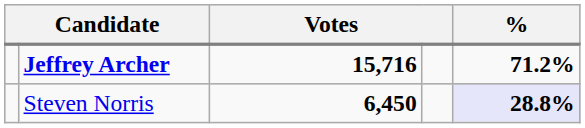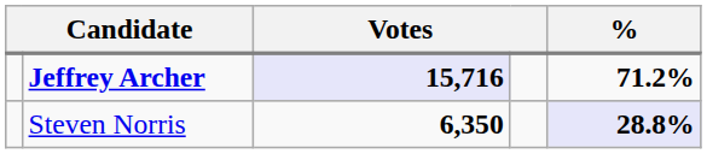 <table class="wikitable" style="font-size: 95%;">
 <tr>
 <th colspan="2" scope="col" rowspan="1" width="125">Candidate</th>
 <th scope="col" colspan="2" width="150">Votes</th>
 <th scope="col" colspan="1" width="75">%</th>
 </tr>
 <tr style="background-color:#E9E9E9; border-bottom: 2px solid gray;">
 </tr>
 <tr align="right">
 <td style="background-color: "></td>
 <td scope="row" align="left"><strong><a href='#'>Jeffrey Archer</a></strong> </td>
-<td><strong>15,716</strong></td>
+<td style="background: lavender;"><strong>15,716</strong></td>
 <td align=center></td>
 <td><strong>71.2%</strong></td>
 </tr>
 <tr align="right">
 <td style="background-color: "></td>
 <td scope="row" align="left"><a href='#'>Steven Norris</a></td>
-<td><strong>6,450</strong></td>
+<td><strong>6,350</strong></td>
 <td align=center></td>
 <td style="background: lavender;"><strong>28.8%</strong></td>
 </tr>
 </table>
